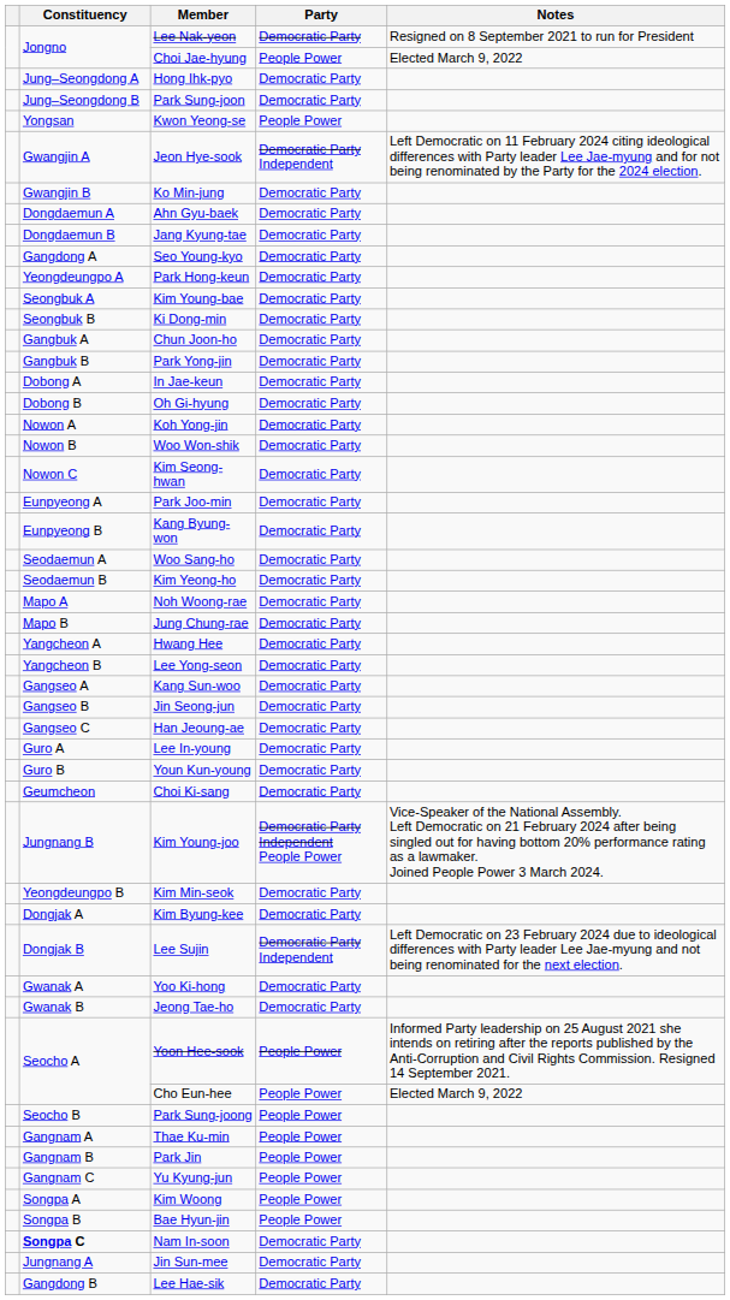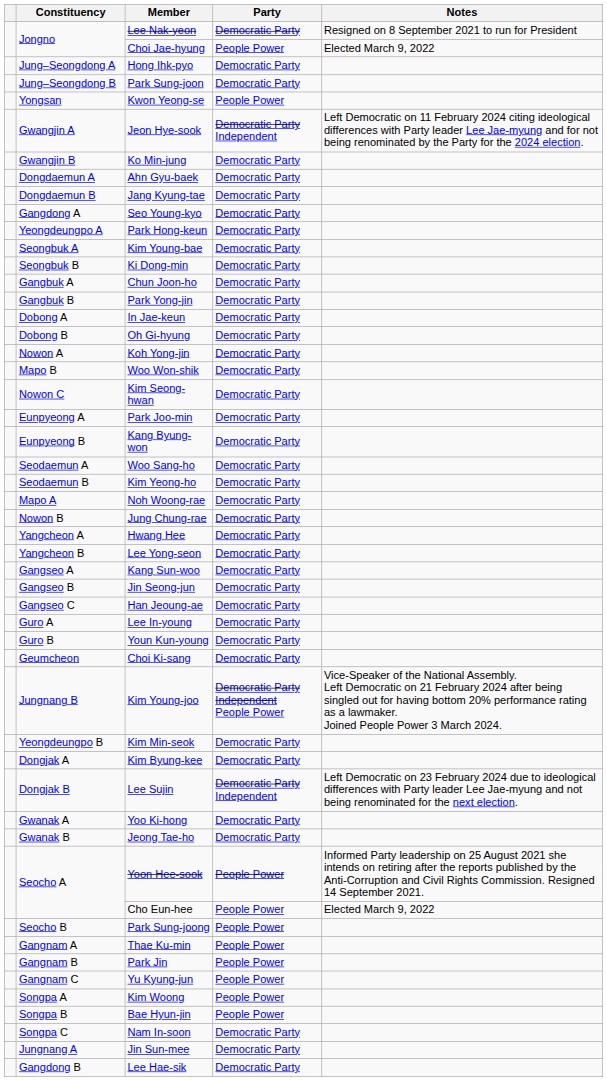 <table class="wikitable sortable">
 <tr>
 <th scope="col" style="width:10px;" class="unsortable"></th>
 <th scope="col" style="width:150px;">Constituency</th>
 <th scope="col" style="width:120px;">Member</th>
 <th scope="col" style="width:150px;">Party</th>
 <th scope="col" style="width:400px;" class="unsortable">Notes</th>
 </tr>
 <tr>
 <td rowspan="2" scope="row" style="background-color:"></td>
 <td rowspan="2"><a href='#'>Jongno</a></td>
 <td><s><a href='#'>Lee Nak-yeon</a></s></td>
 <td><s><a href='#'>Democratic Party</a></s></td>
 <td>Resigned on 8 September 2021 to run for President</td>
 </tr>
 <tr>
 <td><a href='#'>Choi Jae-hyung</a></td>
 <td><a href='#'>People Power</a></td>
 <td>Elected March 9, 2022</td>
 </tr>
 <tr>
 <td scope="row" style="background-color:"></td>
 <td><a href='#'>Jung–Seongdong A</a></td>
 <td><a href='#'>Hong Ihk-pyo</a></td>
 <td><a href='#'>Democratic Party</a></td>
 <td></td>
 </tr>
 <tr>
 <td scope="row" style="background-color:"></td>
 <td><a href='#'>Jung–Seongdong B</a></td>
 <td><a href='#'>Park Sung-joon</a></td>
 <td><a href='#'>Democratic Party</a></td>
 <td></td>
 </tr>
 <tr>
 <td scope="row" style="background-color:"></td>
 <td><a href='#'>Yongsan</a></td>
 <td><a href='#'>Kwon Yeong-se</a></td>
 <td><a href='#'>People Power</a></td>
 <td></td>
 </tr>
 <tr>
 <td scope="row" style="background-color:"></td>
 <td><a href='#'>Gwangjin A</a></td>
 <td><a href='#'>Jeon Hye-sook</a></td>
 <td><s><a href='#'>Democratic Party</a></s> <br> <a href='#'>Independent</a></td>
 <td>Left Democratic on 11 February 2024 citing ideological differences with Party leader <a href='#'>Lee Jae-myung</a> and for not being renominated by the Party for the <a href='#'>2024 election</a>.</td>
 </tr>
 <tr>
 <td scope="row" style="background-color:"></td>
 <td><a href='#'>Gwangjin B</a></td>
 <td><a href='#'>Ko Min-jung</a></td>
 <td><a href='#'>Democratic Party</a></td>
 <td></td>
 </tr>
 <tr>
 <td scope="row" style="background-color:"></td>
 <td><a href='#'>Dongdaemun A</a></td>
 <td><a href='#'>Ahn Gyu-baek</a></td>
 <td><a href='#'>Democratic Party</a></td>
 <td></td>
 </tr>
 <tr>
 <td scope="row" style="background-color:"></td>
 <td><a href='#'>Dongdaemun B</a></td>
 <td><a href='#'>Jang Kyung-tae</a></td>
 <td><a href='#'>Democratic Party</a></td>
 <td></td>
 </tr>
 <tr>
 <td scope="row" style="background-color:"></td>
 <td><a href='#'>Gangdong</a> A</td>
 <td><a href='#'>Seo Young-kyo</a></td>
 <td><a href='#'>Democratic Party</a></td>
 <td></td>
 </tr>
 <tr>
 <td scope="row" style="background-color:"></td>
 <td><a href='#'>Yeongdeungpo A</a></td>
 <td><a href='#'>Park Hong-keun</a></td>
 <td><a href='#'>Democratic Party</a></td>
 <td></td>
 </tr>
 <tr>
 <td scope="row" style="background-color:"></td>
 <td><a href='#'>Seongbuk A</a></td>
 <td><a href='#'>Kim Young-bae</a></td>
 <td><a href='#'>Democratic Party</a></td>
 <td></td>
 </tr>
 <tr>
 <td scope="row" style="background-color:"></td>
 <td><a href='#'>Seongbuk</a> B</td>
 <td><a href='#'>Ki Dong-min</a></td>
 <td><a href='#'>Democratic Party</a></td>
 <td></td>
 </tr>
 <tr>
 <td scope="row" style="background-color:"></td>
 <td><a href='#'>Gangbuk</a> A</td>
 <td><a href='#'>Chun Joon-ho</a></td>
 <td><a href='#'>Democratic Party</a></td>
 <td></td>
 </tr>
 <tr>
 <td scope="row" style="background-color:"></td>
 <td><a href='#'>Gangbuk</a> B</td>
 <td><a href='#'>Park Yong-jin</a></td>
 <td><a href='#'>Democratic Party</a></td>
 <td></td>
 </tr>
 <tr>
 <td scope="row" style="background-color:"></td>
 <td><a href='#'>Dobong</a> A</td>
 <td><a href='#'>In Jae-keun</a></td>
 <td><a href='#'>Democratic Party</a></td>
 <td></td>
 </tr>
 <tr>
 <td scope="row" style="background-color:"></td>
 <td><a href='#'>Dobong</a> B</td>
 <td><a href='#'>Oh Gi-hyung</a></td>
 <td><a href='#'>Democratic Party</a></td>
 <td></td>
 </tr>
 <tr>
 <td scope="row" style="background-color:"></td>
 <td><a href='#'>Nowon</a> A</td>
 <td><a href='#'>Koh Yong-jin</a></td>
 <td><a href='#'>Democratic Party</a></td>
 <td></td>
 </tr>
 <tr>
 <td scope="row" style="background-color:"></td>
-<td><a href='#'>Nowon</a> B</td>
+<td><a href='#'>Mapo</a> B</td>
 <td><a href='#'>Woo Won-shik</a></td>
 <td><a href='#'>Democratic Party</a></td>
 <td></td>
 </tr>
 <tr>
 <td scope="row" style="background-color:"></td>
 <td><a href='#'>Nowon C</a></td>
 <td><a href='#'>Kim Seong-hwan</a></td>
 <td><a href='#'>Democratic Party</a></td>
 <td></td>
 </tr>
 <tr>
 <td scope="row" style="background-color:"></td>
 <td><a href='#'>Eunpyeong</a> A</td>
 <td><a href='#'>Park Joo-min</a></td>
 <td><a href='#'>Democratic Party</a></td>
 <td></td>
 </tr>
 <tr>
 <td scope="row" style="background-color:"></td>
 <td><a href='#'>Eunpyeong</a> B</td>
 <td><a href='#'>Kang Byung-won</a></td>
 <td><a href='#'>Democratic Party</a></td>
 <td></td>
 </tr>
 <tr>
 <td scope="row" style="background-color:"></td>
 <td><a href='#'>Seodaemun</a> A</td>
 <td><a href='#'>Woo Sang-ho</a></td>
 <td><a href='#'>Democratic Party</a></td>
 <td></td>
 </tr>
 <tr>
 <td scope="row" style="background-color:"></td>
 <td><a href='#'>Seodaemun</a> B</td>
 <td><a href='#'>Kim Yeong-ho</a></td>
 <td><a href='#'>Democratic Party</a></td>
 <td></td>
 </tr>
 <tr>
 <td scope="row" style="background-color:"></td>
 <td><a href='#'>Mapo A</a></td>
 <td><a href='#'>Noh Woong-rae</a></td>
 <td><a href='#'>Democratic Party</a></td>
 <td></td>
 </tr>
 <tr>
 <td scope="row" style="background-color:"></td>
-<td><a href='#'>Mapo</a> B</td>
+<td><a href='#'>Nowon</a> B</td>
 <td><a href='#'>Jung Chung-rae</a></td>
 <td><a href='#'>Democratic Party</a></td>
 <td></td>
 </tr>
 <tr>
 <td scope="row" style="background-color:"></td>
 <td><a href='#'>Yangcheon</a> A</td>
 <td><a href='#'>Hwang Hee</a></td>
 <td><a href='#'>Democratic Party</a></td>
 <td></td>
 </tr>
 <tr>
 <td scope="row" style="background-color:"></td>
 <td><a href='#'>Yangcheon</a> B</td>
 <td><a href='#'>Lee Yong-seon</a></td>
 <td><a href='#'>Democratic Party</a></td>
 <td></td>
 </tr>
 <tr>
 <td scope="row" style="background-color:"></td>
 <td><a href='#'>Gangseo</a> A</td>
 <td><a href='#'>Kang Sun-woo</a></td>
 <td><a href='#'>Democratic Party</a></td>
 <td></td>
 </tr>
 <tr>
 <td scope="row" style="background-color:"></td>
 <td><a href='#'>Gangseo</a> B</td>
 <td><a href='#'>Jin Seong-jun</a></td>
 <td><a href='#'>Democratic Party</a></td>
 <td></td>
 </tr>
 <tr>
 <td scope="row" style="background-color:"></td>
 <td><a href='#'>Gangseo</a> C</td>
 <td><a href='#'>Han Jeoung-ae</a></td>
 <td><a href='#'>Democratic Party</a></td>
 <td></td>
 </tr>
 <tr>
 <td scope="row" style="background-color:"></td>
 <td><a href='#'>Guro</a> A</td>
 <td><a href='#'>Lee In-young</a></td>
 <td><a href='#'>Democratic Party</a></td>
 <td></td>
 </tr>
 <tr>
 <td scope="row" style="background-color:"></td>
 <td><a href='#'>Guro</a> B</td>
 <td><a href='#'>Youn Kun-young</a></td>
 <td><a href='#'>Democratic Party</a></td>
 <td></td>
 </tr>
 <tr>
 <td scope="row" style="background-color:"></td>
 <td><a href='#'>Geumcheon</a></td>
 <td><a href='#'>Choi Ki-sang</a></td>
 <td><a href='#'>Democratic Party</a></td>
 <td></td>
 </tr>
 <tr>
 <td scope="row" style="background-color:"></td>
 <td><a href='#'>Jungnang B</a></td>
 <td><a href='#'>Kim Young-joo</a></td>
 <td><s><a href='#'>Democratic Party</a></s><br><s><a href='#'>Independent</a></s><br><a href='#'>People Power</a></td>
 <td>Vice-Speaker of the National Assembly. <br> Left Democratic on 21 February 2024 after being singled out for having bottom 20% performance rating as a lawmaker.<br> Joined People Power 3 March 2024.</td>
 </tr>
 <tr>
 <td scope="row" style="background-color:"></td>
 <td><a href='#'>Yeongdeungpo</a> B</td>
 <td><a href='#'>Kim Min-seok</a></td>
 <td><a href='#'>Democratic Party</a></td>
 <td></td>
 </tr>
 <tr>
 <td scope="row" style="background-color:"></td>
 <td><a href='#'>Dongjak</a> A</td>
 <td><a href='#'>Kim Byung-kee</a></td>
 <td><a href='#'>Democratic Party</a></td>
 <td></td>
 </tr>
 <tr>
 <td scope="row" style="background-color:"></td>
 <td><a href='#'>Dongjak B</a></td>
 <td><a href='#'>Lee Sujin</a></td>
 <td><s><a href='#'>Democratic Party</a></s><br><a href='#'>Independent</a></td>
 <td>Left Democratic on 23 February 2024 due to ideological differences with Party leader Lee Jae-myung and not being renominated for the <a href='#'>next election</a>.</td>
 </tr>
 <tr>
 <td scope="row" style="background-color:"></td>
 <td><a href='#'>Gwanak</a> A</td>
 <td><a href='#'>Yoo Ki-hong</a></td>
 <td><a href='#'>Democratic Party</a></td>
 <td></td>
 </tr>
 <tr>
 <td scope="row" style="background-color:"></td>
 <td><a href='#'>Gwanak</a> B</td>
 <td><a href='#'>Jeong Tae-ho</a></td>
 <td><a href='#'>Democratic Party</a></td>
 <td></td>
 </tr>
 <tr>
 <td rowspan="2" scope="row" style="background-color:"></td>
 <td rowspan="2"><a href='#'>Seocho</a> A</td>
 <td><s><a href='#'>Yoon Hee-sook</a></s></td>
 <td><s><a href='#'>People Power</a></s></td>
 <td>Informed Party leadership on 25 August 2021 she intends on retiring after the reports published by the Anti-Corruption and Civil Rights Commission. Resigned 14 September 2021.</td>
 </tr>
 <tr>
 <td>Cho Eun-hee</td>
 <td><a href='#'>People Power</a></td>
 <td>Elected March 9, 2022</td>
 </tr>
 <tr>
 <td scope="row" style="background-color:"></td>
 <td><a href='#'>Seocho</a> B</td>
 <td><a href='#'>Park Sung-joong</a></td>
 <td><a href='#'>People Power</a></td>
 <td></td>
 </tr>
 <tr>
 <td scope="row" style="background-color:"></td>
 <td><a href='#'>Gangnam</a> A</td>
 <td><a href='#'>Thae Ku-min</a></td>
 <td><a href='#'>People Power</a></td>
 <td></td>
 </tr>
 <tr>
 <td scope="row" style="background-color:"></td>
 <td><a href='#'>Gangnam</a> B</td>
 <td><a href='#'>Park Jin</a></td>
 <td><a href='#'>People Power</a></td>
 <td></td>
 </tr>
 <tr>
 <td scope="row" style="background-color:"></td>
 <td><a href='#'>Gangnam</a> C</td>
 <td><a href='#'>Yu Kyung-jun</a></td>
 <td><a href='#'>People Power</a></td>
 <td></td>
 </tr>
 <tr>
 <td scope="row" style="background-color:"></td>
 <td><a href='#'>Songpa</a> A</td>
 <td><a href='#'>Kim Woong</a></td>
 <td><a href='#'>People Power</a></td>
 <td></td>
 </tr>
 <tr>
 <td scope="row" style="background-color:"></td>
 <td><a href='#'>Songpa</a> B</td>
 <td><a href='#'>Bae Hyun-jin</a></td>
 <td><a href='#'>People Power</a></td>
 <td></td>
 </tr>
 <tr>
 <td scope="row" style="background-color:"></td>
-<td><strong><a href='#'>Songpa</a> C</strong></td>
+<td><a href='#'>Songpa</a> C</td>
 <td><a href='#'>Nam In-soon</a></td>
 <td><a href='#'>Democratic Party</a></td>
 <td></td>
 </tr>
 <tr>
 <td scope="row" style="background-color:"></td>
 <td><a href='#'>Jungnang A</a></td>
 <td><a href='#'>Jin Sun-mee</a></td>
 <td><a href='#'>Democratic Party</a></td>
 <td></td>
 </tr>
 <tr>
 <td scope="row" style="background-color:"></td>
 <td><a href='#'>Gangdong</a> B</td>
 <td><a href='#'>Lee Hae-sik</a></td>
 <td><a href='#'>Democratic Party</a></td>
 <td></td>
 </tr>
 </table>
